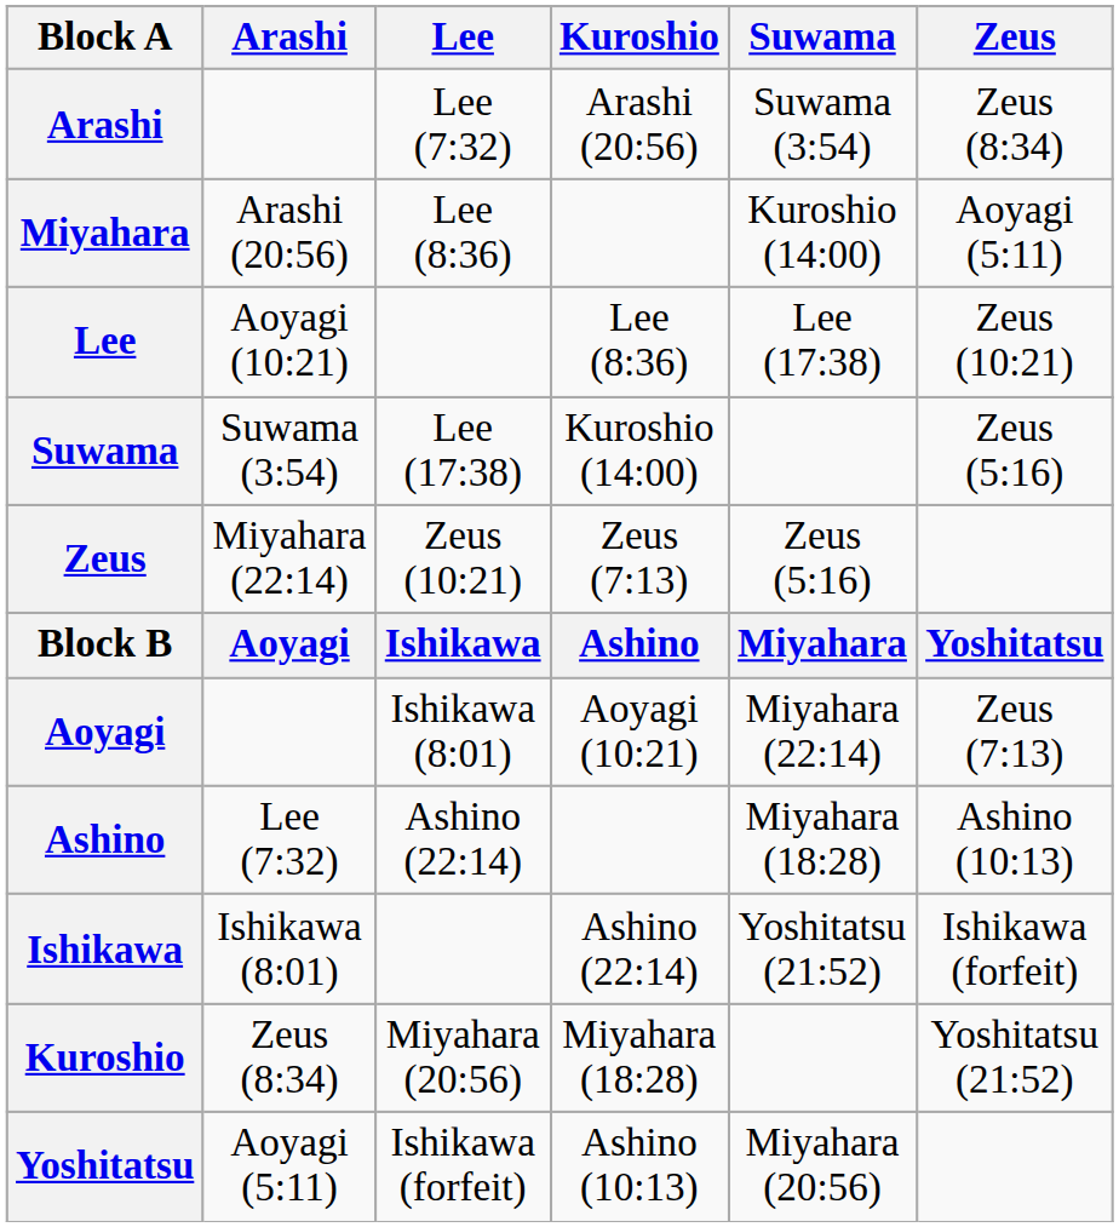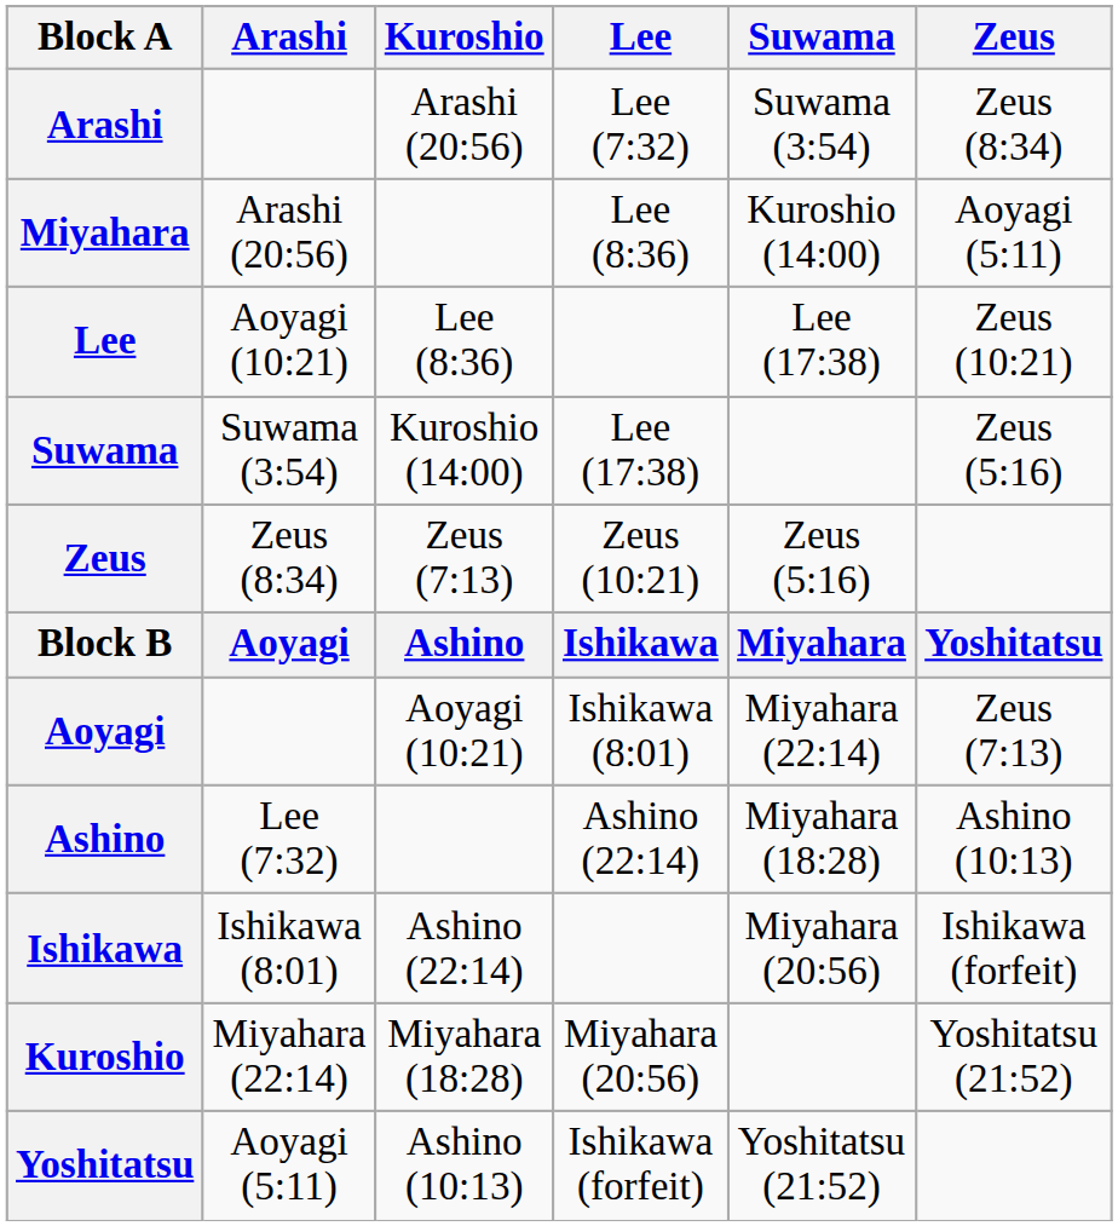 <table class="wikitable" style="margin: 1em auto 1em auto; text-align:center;">
 <tr>
 <th>Block A</th>
 <th><a href='#'>Arashi</a></th>
+<th><a href='#'>Kuroshio</a></th>
 <th><a href='#'>Lee</a></th>
-<th><a href='#'>Kuroshio</a></th>
 <th><a href='#'>Suwama</a></th>
 <th><a href='#'>Zeus</a></th>
 </tr>
 <tr>
 <th><a href='#'>Arashi</a></th>
 <td></td>
+<td>Arashi<br>(20:56)</td>
 <td>Lee<br>(7:32)</td>
-<td>Arashi<br>(20:56)</td>
 <td>Suwama<br>(3:54)</td>
 <td>Zeus<br>(8:34)</td>
 </tr>
 <tr>
 <th><a href='#'>Miyahara</a></th>
 <td>Arashi<br>(20:56)</td>
+<td></td>
 <td>Lee<br>(8:36)</td>
-<td></td>
 <td>Kuroshio<br>(14:00)</td>
 <td>Aoyagi<br>(5:11)</td>
 </tr>
 <tr>
 <th><a href='#'>Lee</a></th>
 <td>Aoyagi<br>(10:21)</td>
+<td>Lee<br>(8:36)</td>
 <td></td>
-<td>Lee<br>(8:36)</td>
 <td>Lee<br>(17:38)</td>
 <td>Zeus<br>(10:21)</td>
 </tr>
 <tr>
 <th><a href='#'>Suwama</a></th>
 <td>Suwama<br>(3:54)</td>
+<td>Kuroshio<br>(14:00)</td>
 <td>Lee<br>(17:38)</td>
-<td>Kuroshio<br>(14:00)</td>
 <td></td>
 <td>Zeus<br>(5:16)</td>
 </tr>
 <tr>
 <th><a href='#'>Zeus</a></th>
-<td>Miyahara<br>(22:14)</td>
+<td>Zeus<br>(8:34)</td>
+<td>Zeus<br>(7:13)</td>
 <td>Zeus<br>(10:21)</td>
-<td>Zeus<br>(7:13)</td>
 <td>Zeus<br>(5:16)</td>
 <td></td>
 </tr>
 <tr>
 <th>Block B</th>
 <th><a href='#'>Aoyagi</a></th>
+<th><a href='#'>Ashino</a></th>
 <th><a href='#'>Ishikawa</a></th>
-<th><a href='#'>Ashino</a></th>
 <th><a href='#'>Miyahara</a></th>
 <th><a href='#'>Yoshitatsu</a></th>
 </tr>
 <tr>
 <th><a href='#'>Aoyagi</a></th>
 <td></td>
+<td>Aoyagi<br>(10:21)</td>
 <td>Ishikawa<br>(8:01)</td>
-<td>Aoyagi<br>(10:21)</td>
 <td>Miyahara<br>(22:14)</td>
 <td>Zeus<br>(7:13)</td>
 </tr>
 <tr>
 <th><a href='#'>Ashino</a></th>
 <td>Lee<br>(7:32)</td>
+<td></td>
 <td>Ashino<br>(22:14)</td>
-<td></td>
 <td>Miyahara<br>(18:28)</td>
 <td>Ashino<br>(10:13)</td>
 </tr>
 <tr>
 <th><a href='#'>Ishikawa</a></th>
 <td>Ishikawa<br>(8:01)</td>
+<td>Ashino<br>(22:14)</td>
 <td></td>
-<td>Ashino<br>(22:14)</td>
-<td>Yoshitatsu<br>(21:52)</td>
+<td>Miyahara<br>(20:56)</td>
 <td>Ishikawa<br>(forfeit)</td>
 </tr>
 <tr>
 <th><a href='#'>Kuroshio</a></th>
-<td>Zeus<br>(8:34)</td>
+<td>Miyahara<br>(22:14)</td>
+<td>Miyahara<br>(18:28)</td>
 <td>Miyahara<br>(20:56)</td>
-<td>Miyahara<br>(18:28)</td>
 <td></td>
 <td>Yoshitatsu<br>(21:52)</td>
 </tr>
 <tr>
 <th><a href='#'>Yoshitatsu</a></th>
 <td>Aoyagi<br>(5:11)</td>
+<td>Ashino<br>(10:13)</td>
 <td>Ishikawa<br>(forfeit)</td>
-<td>Ashino<br>(10:13)</td>
-<td>Miyahara<br>(20:56)</td>
+<td>Yoshitatsu<br>(21:52)</td>
 <td></td>
 </tr>
 </table>
